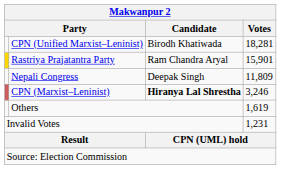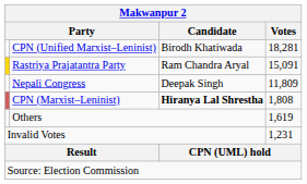 <table class="wikitable">
 <tr>
 <th colspan="4"><a href='#'>Makwanpur 2</a></th>
 </tr>
 <tr>
 <th colspan="2">Party</th>
 <th>Candidate</th>
 <th>Votes</th>
 </tr>
 <tr>
 <td style="background-color:"></td>
 <td><a href='#'>CPN (Unified Marxist–Leninist)</a></td>
 <td>Birodh Khatiwada</td>
 <td>18,281</td>
 </tr>
 <tr>
 <td style="background-color:gold"></td>
 <td><a href='#'>Rastriya Prajatantra Party</a></td>
 <td>Ram Chandra Aryal</td>
-<td>15,901</td>
+<td>15,091</td>
 </tr>
 <tr>
 <td style="background-color:"></td>
 <td><a href='#'>Nepali Congress</a></td>
 <td>Deepak Singh</td>
 <td>11,809</td>
 </tr>
 <tr>
 <td style="background-color:indianred"></td>
 <td><a href='#'>CPN (Marxist–Leninist)</a></td>
 <td><strong>Hiranya Lal Shrestha</strong></td>
-<td>3,246</td>
+<td>1,808</td>
 </tr>
 <tr>
 <td></td>
 <td colspan="2">Others</td>
 <td>1,619</td>
 </tr>
 <tr>
 <td colspan="3">Invalid Votes</td>
 <td>1,231</td>
 </tr>
 <tr>
 <th colspan="2">Result</th>
 <th colspan="2">CPN (UML) hold</th>
 </tr>
 <tr>
 <td colspan="4">Source: Election Commission</td>
 </tr>
 </table>
